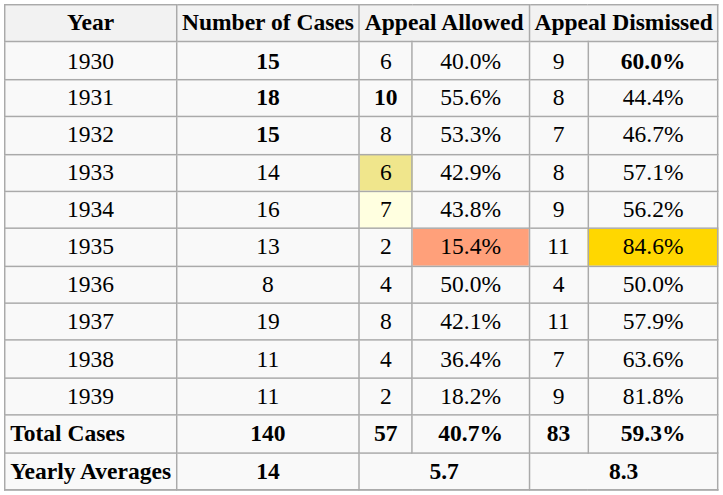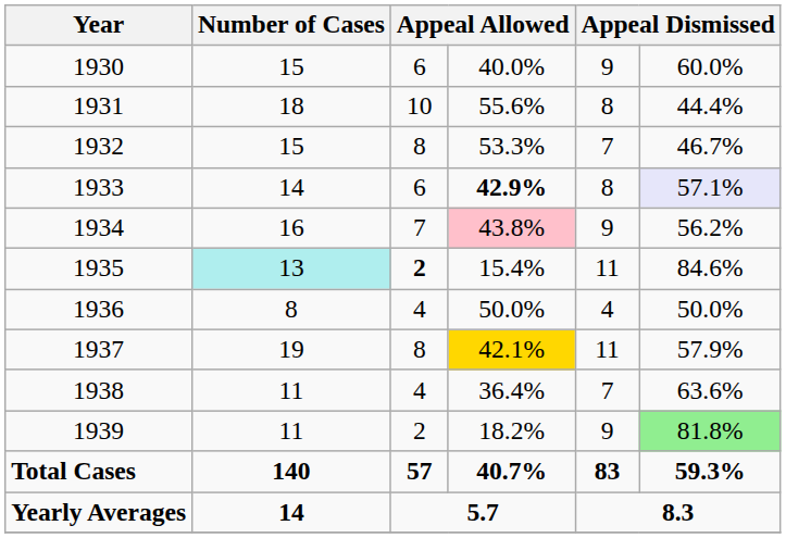 <table class="wikitable sortable">
 <tr>
 <th>Year</th>
 <th>Number of Cases</th>
 <th colspan=2>Appeal Allowed</th>
 <th colspan=2>Appeal Dismissed</th>
 </tr>
 <tr>
 <td style="text-align: center;">1930</td>
-<td style="text-align: center;"><strong>15</strong></td>
+<td style="text-align: center;">15</td>
 <td style="text-align: center;">6</td>
 <td style="text-align: center;">40.0%</td>
 <td style="text-align: center;">9</td>
-<td style="text-align: center;"><strong>60.0%</strong></td>
+<td style="text-align: center;">60.0%</td>
 </tr>
 <tr>
 <td style="text-align: center;">1931</td>
-<td style="text-align: center;"><strong>18</strong></td>
-<td style="text-align: center;"><strong>10</strong></td>
+<td style="text-align: center;">18</td>
+<td style="text-align: center;">10</td>
 <td style="text-align: center;">55.6%</td>
 <td style="text-align: center;">8</td>
 <td style="text-align: center;">44.4%</td>
 </tr>
 <tr>
 <td style="text-align: center;">1932</td>
-<td style="text-align: center;"><strong>15</strong></td>
+<td style="text-align: center;">15</td>
 <td style="text-align: center;">8</td>
 <td style="text-align: center;">53.3%</td>
 <td style="text-align: center;">7</td>
 <td style="text-align: center;">46.7%</td>
 </tr>
 <tr>
 <td style="text-align: center;">1933</td>
 <td style="text-align: center;">14</td>
-<td style="background: khaki; text-align: center;">6</td>
-<td style="text-align: center;">42.9%</td>
+<td style="text-align: center;">6</td>
+<td style="text-align: center;"><strong>42.9%</strong></td>
 <td style="text-align: center;">8</td>
-<td style="text-align: center;">57.1%</td>
+<td style="background: lavender; text-align: center;">57.1%</td>
 </tr>
 <tr>
 <td style="text-align: center;">1934</td>
 <td style="text-align: center;">16</td>
-<td style="background: lightyellow; text-align: center;">7</td>
-<td style="text-align: center;">43.8%</td>
+<td style="text-align: center;">7</td>
+<td style="background: pink; text-align: center;">43.8%</td>
 <td style="text-align: center;">9</td>
 <td style="text-align: center;">56.2%</td>
 </tr>
 <tr>
 <td style="text-align: center;">1935</td>
-<td style="text-align: center;">13</td>
-<td style="text-align: center;">2</td>
-<td style="background: lightsalmon; text-align: center;">15.4%</td>
+<td style="background: paleturquoise; text-align: center;">13</td>
+<td style="text-align: center;"><strong>2</strong></td>
+<td style="text-align: center;">15.4%</td>
 <td style="text-align: center;">11</td>
-<td style="background: gold; text-align: center;">84.6%</td>
+<td style="text-align: center;">84.6%</td>
 </tr>
 <tr>
 <td style="text-align: center;">1936</td>
 <td style="text-align: center;">8</td>
 <td style="text-align: center;">4</td>
 <td style="text-align: center;">50.0%</td>
 <td style="text-align: center;">4</td>
 <td style="text-align: center;">50.0%</td>
 </tr>
 <tr>
 <td style="text-align: center;">1937</td>
 <td style="text-align: center;">19</td>
 <td style="text-align: center;">8</td>
-<td style="text-align: center;">42.1%</td>
+<td style="background: gold; text-align: center;">42.1%</td>
 <td style="text-align: center;">11</td>
 <td style="text-align: center;">57.9%</td>
 </tr>
 <tr>
 <td style="text-align: center;">1938</td>
 <td style="text-align: center;">11</td>
 <td style="text-align: center;">4</td>
 <td style="text-align: center;">36.4%</td>
 <td style="text-align: center;">7</td>
 <td style="text-align: center;">63.6%</td>
 </tr>
 <tr>
 <td style="text-align: center;">1939</td>
 <td style="text-align: center;">11</td>
 <td style="text-align: center;">2</td>
 <td style="text-align: center;">18.2%</td>
 <td style="text-align: center;">9</td>
-<td style="text-align: center;">81.8%</td>
+<td style="background: lightgreen; text-align: center;">81.8%</td>
 </tr>
 <tr>
 <td><strong>Total Cases</strong></td>
 <td style="text-align: center;"><strong>140</strong></td>
 <td style="text-align: center;"><strong>57</strong></td>
 <td style="text-align: center;"><strong>40.7%</strong></td>
 <td style="text-align: center;"><strong>83</strong></td>
 <td style="text-align: center;"><strong>59.3%</strong></td>
 </tr>
 <tr>
 <td><strong>Yearly Averages</strong></td>
 <td style="text-align: center;"><strong>14</strong></td>
 <td colspan=2 style="text-align: center;"><strong>5.7</strong></td>
 <td colspan=2 style="text-align: center;"><strong>8.3</strong></td>
 </tr>
 <tr>
 </tr>
 </table>
